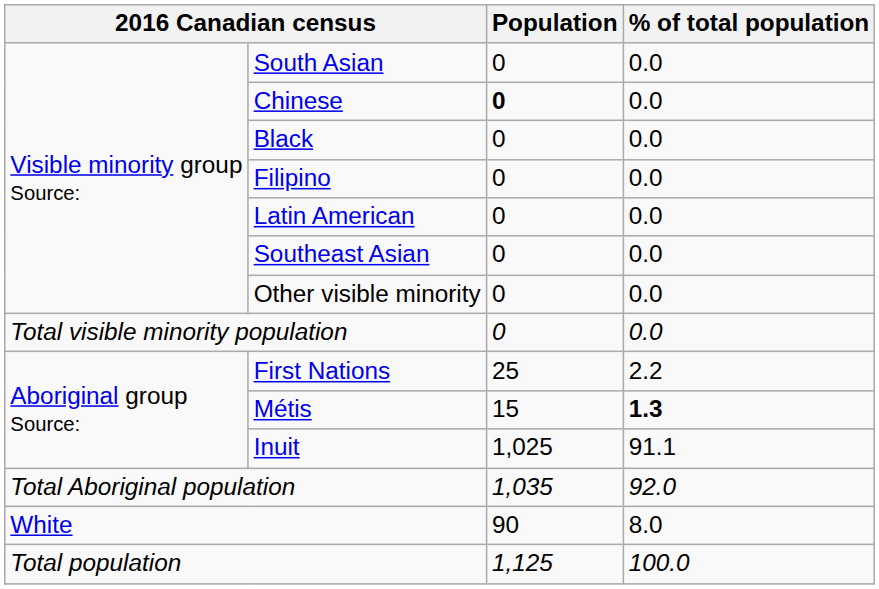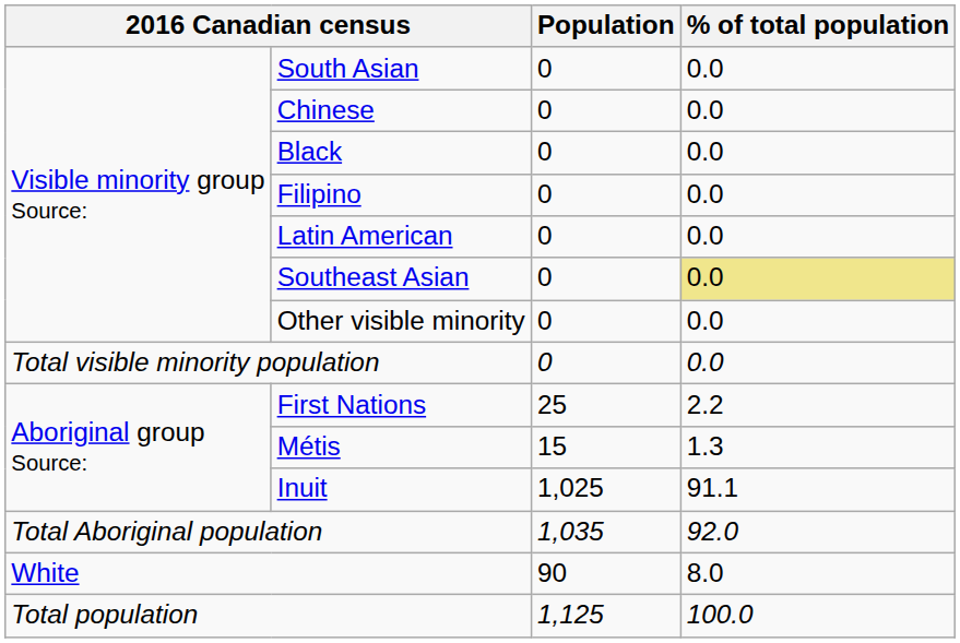 <table class="wikitable">
 <tr>
 <th colspan="2">2016 Canadian census</th>
 <th>Population</th>
 <th>% of total population</th>
 </tr>
 <tr>
 <td rowspan="7"><a href='#'>Visible minority</a> group<br><small>Source:</small></td>
 <td><a href='#'>South Asian</a></td>
 <td>0</td>
 <td>0.0</td>
 </tr>
 <tr>
 <td><a href='#'>Chinese</a></td>
-<td><strong>0</strong></td>
+<td>0</td>
 <td>0.0</td>
 </tr>
 <tr>
 <td><a href='#'>Black</a></td>
 <td>0</td>
 <td>0.0</td>
 </tr>
 <tr>
 <td><a href='#'>Filipino</a></td>
 <td>0</td>
 <td>0.0</td>
 </tr>
 <tr>
 <td><a href='#'>Latin American</a></td>
 <td>0</td>
 <td>0.0</td>
 </tr>
 <tr>
 <td><a href='#'>Southeast Asian</a></td>
 <td>0</td>
-<td>0.0</td>
+<td style="background: khaki;">0.0</td>
 </tr>
 <tr>
 <td>Other visible minority</td>
 <td>0</td>
 <td>0.0</td>
 </tr>
 <tr>
 <td colspan="2"><em>Total visible minority population</em></td>
 <td><em>0</em></td>
 <td><em>0.0</em></td>
 </tr>
 <tr>
 <td rowspan="3"><a href='#'>Aboriginal</a> group<br><small>Source:</small></td>
 <td><a href='#'>First Nations</a></td>
 <td>25</td>
 <td>2.2</td>
 </tr>
 <tr>
 <td><a href='#'>Métis</a></td>
 <td>15</td>
-<td><strong>1.3</strong></td>
+<td>1.3</td>
 </tr>
 <tr>
 <td><a href='#'>Inuit</a></td>
 <td>1,025</td>
 <td>91.1</td>
 </tr>
 <tr>
 <td colspan="2"><em>Total Aboriginal population</em></td>
 <td><em>1,035</em></td>
 <td><em>92.0</em></td>
 </tr>
 <tr>
 <td colspan="2"><a href='#'>White</a></td>
 <td>90</td>
 <td>8.0</td>
 </tr>
 <tr>
 <td colspan="2"><em>Total population</em></td>
 <td><em>1,125</em></td>
 <td><em>100.0</em></td>
 </tr>
 </table>
